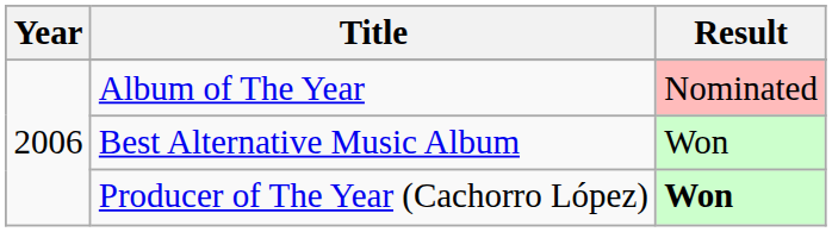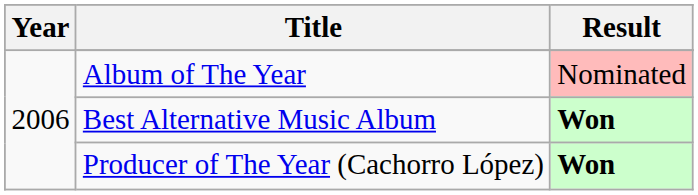 <table class="wikitable">
 <tr>
 <th>Year</th>
 <th>Title</th>
 <th>Result</th>
 </tr>
 <tr>
 <td rowspan="4">2006</td>
 </tr>
 <tr>
 <td><a href='#'>Album of The Year</a></td>
 <td style="background:#fbb;">Nominated</td>
 </tr>
 <tr>
 <td><a href='#'>Best Alternative Music Album</a></td>
-<td style="background:#cfc;">Won</td>
+<td style="background:#cfc;"><strong>Won</strong></td>
 </tr>
 <tr>
 <td><a href='#'>Producer of The Year</a> (Cachorro López)</td>
 <td style="background:#cfc;"><strong>Won</strong></td>
 </tr>
 </table>
